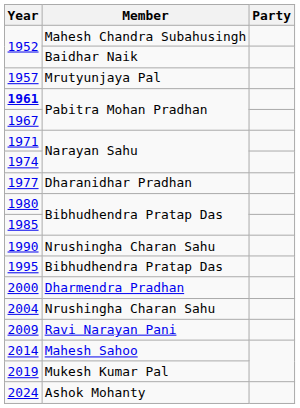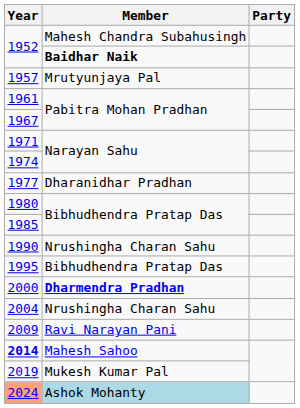 <table class="wikitable">
 <tr>
 <th>Year</th>
 <th>Member</th>
 <th colspan="2">Party</th>
 </tr>
 <tr>
 <td rowspan="2"><a href='#'>1952</a></td>
 <td>Mahesh Chandra Subahusingh</td>
 <td></td>
 </tr>
 <tr>
-<td>Baidhar Naik</td>
+<td><strong>Baidhar Naik</strong></td>
 </tr>
 <tr>
 <td><a href='#'>1957</a></td>
 <td>Mrutyunjaya Pal</td>
 <td></td>
 </tr>
 <tr>
-<td><strong><a href='#'>1961</a></strong></td>
+<td><a href='#'>1961</a></td>
 <td rowspan="2">Pabitra Mohan Pradhan</td>
 <td></td>
 </tr>
 <tr>
 <td><a href='#'>1967</a></td>
 </tr>
 <tr>
 <td><a href='#'>1971</a></td>
 <td rowspan="2">Narayan Sahu</td>
 <td></td>
 </tr>
 <tr>
 <td><a href='#'>1974</a></td>
 <td></td>
 </tr>
 <tr>
 <td><a href='#'>1977</a></td>
 <td>Dharanidhar Pradhan</td>
 <td></td>
 </tr>
 <tr>
 <td><a href='#'>1980</a></td>
 <td rowspan="2">Bibhudhendra Pratap Das</td>
 <td></td>
 </tr>
 <tr>
 <td><a href='#'>1985</a></td>
 <td></td>
 </tr>
 <tr>
 <td><a href='#'>1990</a></td>
 <td>Nrushingha Charan Sahu</td>
 <td></td>
 </tr>
 <tr>
 <td><a href='#'>1995</a></td>
 <td>Bibhudhendra Pratap Das</td>
 <td></td>
 </tr>
 <tr>
 <td><a href='#'>2000</a></td>
-<td><a href='#'>Dharmendra Pradhan</a></td>
+<td><strong><a href='#'>Dharmendra Pradhan</a></strong></td>
 <td></td>
 </tr>
 <tr>
 <td><a href='#'>2004</a></td>
 <td>Nrushingha Charan Sahu</td>
 <td></td>
 </tr>
 <tr>
 <td><a href='#'>2009</a></td>
 <td><a href='#'>Ravi Narayan Pani</a></td>
 <td></td>
 </tr>
 <tr>
-<td><a href='#'>2014</a></td>
+<td><strong><a href='#'>2014</a></strong></td>
 <td><a href='#'>Mahesh Sahoo</a></td>
 </tr>
 <tr>
 <td><a href='#'>2019</a></td>
 <td>Mukesh Kumar Pal</td>
 </tr>
 <tr>
-<td><a href='#'>2024</a></td>
-<td>Ashok Mohanty</td>
+<td style="background: lightsalmon;"><a href='#'>2024</a></td>
+<td style="background: lightblue;">Ashok Mohanty</td>
 <td></td>
 </tr>
 </table>
